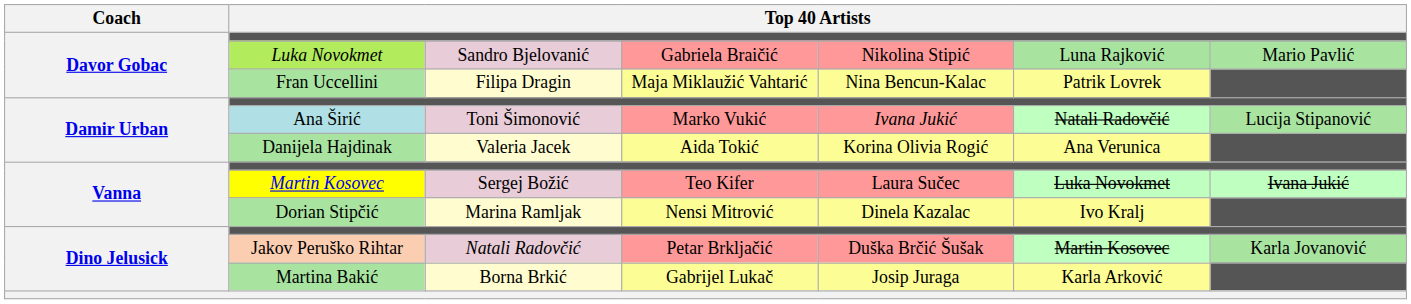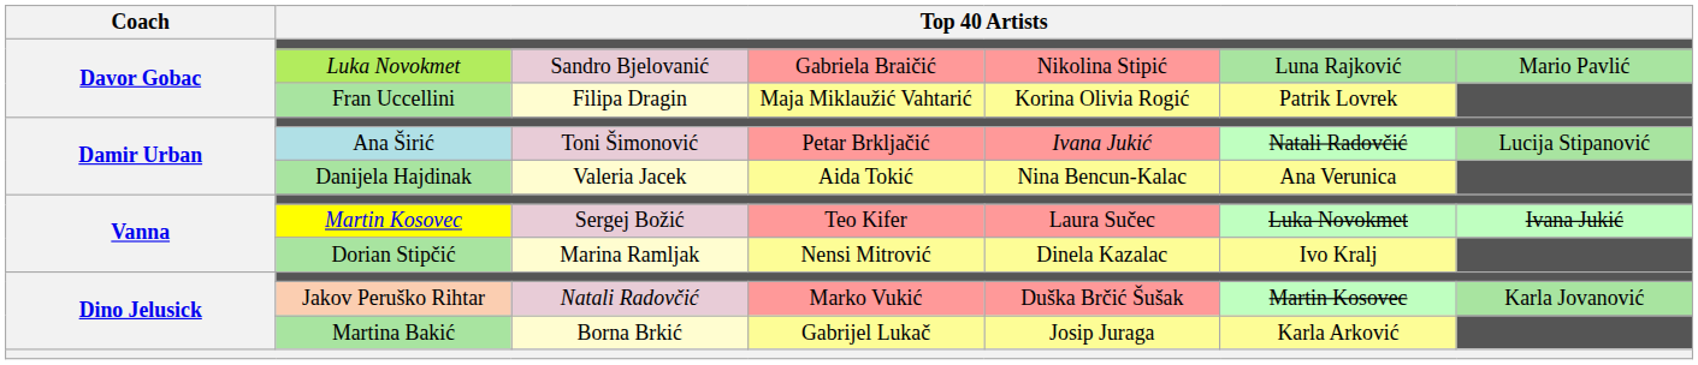 <table class="wikitable" style="text-align:center; width:100%;">
 <tr>
 <th scope="col" width="16%">Coach</th>
 <th colspan="6" scope="col" width="84%">Top 40 Artists</th>
 </tr>
 <tr>
 <th rowspan="3"><a href='#'>Davor Gobac</a></th>
 <td colspan="6" style="background:#555555;"></td>
 </tr>
 <tr>
 <td style="background:#B2EC5D"><em>Luka Novokmet</em></td>
 <td style="background:#E8CCD7">Sandro Bjelovanić</td>
 <td style="background:#FF9999">Gabriela Braičić</td>
 <td style="background:#FF9999">Nikolina Stipić</td>
 <td style="background:#A8E4A0">Luna Rajković</td>
 <td style="background:#A8E4A0">Mario Pavlić</td>
 </tr>
 <tr>
 <td style="background:#A8E4A0">Fran Uccellini</td>
 <td style="background:#FFFDD0">Filipa Dragin</td>
 <td style="background:#FDFD96">Maja Miklaužić Vahtarić</td>
-<td style="background:#FDFD96">Nina Bencun-Kalac</td>
+<td style="background:#FDFD96">Korina Olivia Rogić</td>
 <td style="background:#FDFD96">Patrik Lovrek</td>
 <td style="background:#555555;"></td>
 </tr>
 <tr>
 <th rowspan="3"><a href='#'>Damir Urban</a></th>
 <td colspan="6" style="background:#555555;"></td>
 </tr>
 <tr>
 <td style="background:#B0E0E6">Ana Širić</td>
 <td style="background:#E8CCD7">Toni Šimonović</td>
-<td width="14%;" style="background:#FF9999">Marko Vukić</td>
+<td style="background:#FF9999">Petar Brkljačić</td>
 <td style="background:#FF9999"><em>Ivana Jukić</em></td>
 <td style="background:#BFFFC0"><s>Natali Radovčić</s></td>
 <td style="background:#A8E4A0">Lucija Stipanović</td>
 </tr>
 <tr>
 <td style="background:#A8E4A0">Danijela Hajdinak</td>
 <td style="background:#FFFDD0">Valeria Jacek</td>
 <td style="background:#FDFD96">Aida Tokić</td>
-<td style="background:#FDFD96">Korina Olivia Rogić</td>
+<td style="background:#FDFD96">Nina Bencun-Kalac</td>
 <td style="background:#FDFD96">Ana Verunica</td>
 <td style="background:#555555;"></td>
 </tr>
 <tr>
 <th rowspan="3"><a href='#'>Vanna</a></th>
 <td colspan="6" style="background:#555555;"></td>
 </tr>
 <tr>
 <td style="background:yellow"><em><a href='#'>Martin Kosovec</a></em></td>
 <td style="background:#E8CCD7">Sergej Božić</td>
 <td style="background:#FF9999">Teo Kifer</td>
 <td style="background:#FF9999">Laura Sučec</td>
 <td style="background:#BFFFC0"><s>Luka Novokmet</s></td>
 <td style="background:#BFFFC0"><s>Ivana Jukić</s></td>
 </tr>
 <tr>
 <td style="background:#A8E4A0">Dorian Stipčić</td>
 <td style="background:#FFFDD0">Marina Ramljak</td>
 <td style="background:#FDFD96">Nensi Mitrović</td>
 <td style="background:#FDFD96">Dinela Kazalac</td>
 <td style="background:#FDFD96">Ivo Kralj</td>
 <td style="background:#555555;"></td>
 </tr>
 <tr>
 <th rowspan="3"><a href='#'>Dino Jelusick</a></th>
 <td colspan="6" style="background:#555555;"></td>
 </tr>
 <tr>
 <td width="14%;" style="background:#FBCEB1">Jakov Peruško Rihtar</td>
 <td width="14%;" style="background:#E8CCD7"><em>Natali Radovčić</em></td>
-<td style="background:#FF9999">Petar Brkljačić</td>
+<td width="14%;" style="background:#FF9999">Marko Vukić</td>
 <td width="14%;" style="background:#FF9999">Duška Brčić Šušak</td>
 <td width="14%;" style="background:#BFFFC0"><s>Martin Kosovec</s></td>
 <td width="14%;" style="background:#A8E4A0">Karla Jovanović</td>
 </tr>
 <tr>
 <td style="background:#A8E4A0">Martina Bakić</td>
 <td style="background:#FFFDD0">Borna Brkić</td>
 <td style="background:#FDFD96">Gabrijel Lukač</td>
 <td style="background:#FDFD96">Josip Juraga</td>
 <td style="background:#FDFD96">Karla Arković</td>
 <td style="background:#555555;"></td>
 </tr>
 <tr>
 <th style="font-size:90%; line-height:12px;" colspan=7></th>
 </tr>
 </table>
